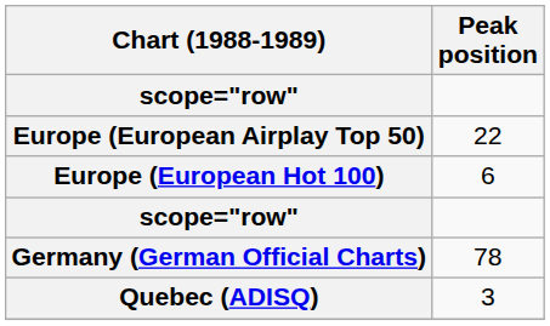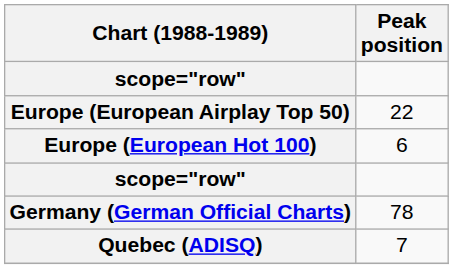 <table class="wikitable sortable plainrowheaders">
 <tr>
 <th>Chart (1988-1989)</th>
 <th>Peak<br>position</th>
 </tr>
 <tr>
 <th>scope="row"</th>
 </tr>
 <tr>
 <th scope="row">Europe (European Airplay Top 50)</th>
 <td align="center">22</td>
 </tr>
 <tr>
 <th scope="row">Europe (<a href='#'>European Hot 100</a>)</th>
 <td align="center">6</td>
 </tr>
 <tr>
 <th>scope="row"</th>
 </tr>
 <tr>
 <th scope="row">Germany (<a href='#'>German Official Charts</a>)</th>
 <td align="center">78</td>
 </tr>
 <tr>
 <th scope="row">Quebec (<a href='#'>ADISQ</a>)</th>
-<td align="center">3</td>
+<td align="center">7</td>
 </tr>
 <tr>
 </tr>
 </table>
